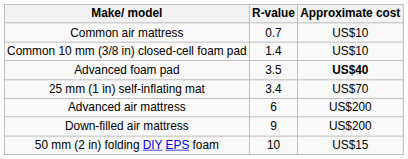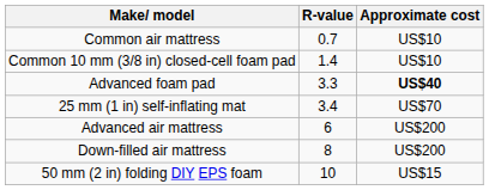 <table class="wikitable" style="text-align: center;">
 <tr>
 <th>Make/ model</th>
 <th>R-value</th>
 <th>Approximate cost</th>
 </tr>
 <tr>
 <td>Common air mattress</td>
 <td>0.7</td>
 <td>US$10</td>
 </tr>
 <tr>
 <td>Common 10 mm (3/8 in) closed-cell foam pad</td>
 <td>1.4</td>
 <td>US$10</td>
 </tr>
 <tr>
 <td>Advanced foam pad</td>
-<td>3.5</td>
+<td>3.3</td>
 <td><strong>US$40</strong></td>
 </tr>
 <tr>
 <td>25 mm (1 in) self-inflating mat</td>
 <td>3.4</td>
 <td>US$70</td>
 </tr>
 <tr>
 <td>Advanced air mattress</td>
 <td>6</td>
 <td>US$200</td>
 </tr>
 <tr>
 <td>Down-filled air mattress</td>
-<td>9</td>
+<td>8</td>
 <td>US$200</td>
 </tr>
 <tr>
 <td>50 mm (2 in) folding <a href='#'>DIY</a> <a href='#'>EPS</a> foam</td>
 <td>10</td>
 <td>US$15</td>
 </tr>
 </table>
